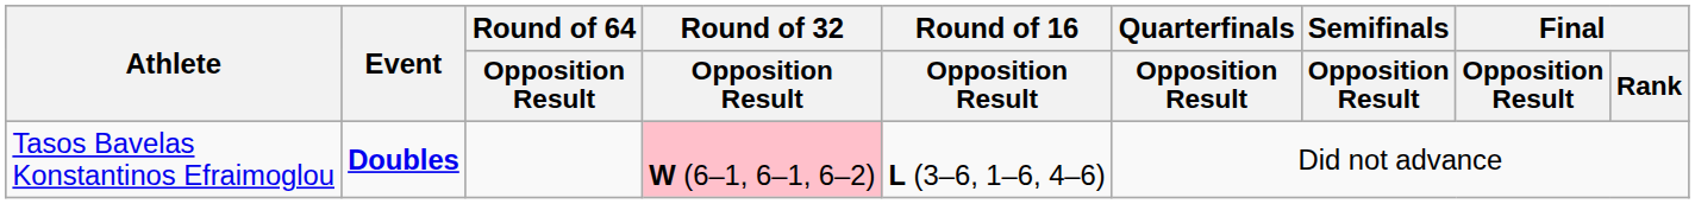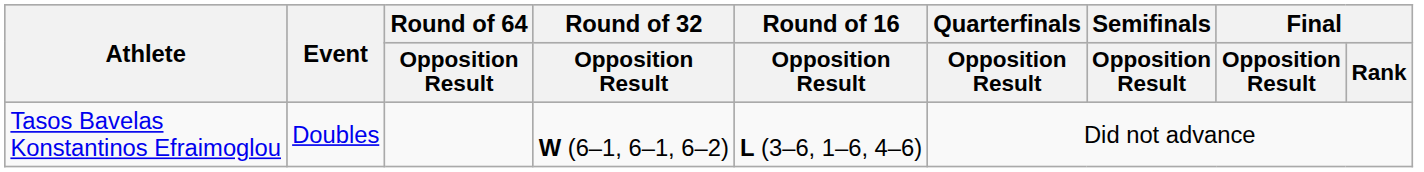 <table class="wikitable" style="font-size:90%">
 <tr>
 <th rowspan="2">Athlete</th>
 <th rowspan="2">Event</th>
 <th>Round of 64</th>
 <th>Round of 32</th>
 <th>Round of 16</th>
 <th>Quarterfinals</th>
 <th>Semifinals</th>
 <th colspan=2>Final</th>
 </tr>
 <tr style="font-size:95%">
 <th>Opposition<br>Result</th>
 <th>Opposition<br>Result</th>
 <th>Opposition<br>Result</th>
 <th>Opposition<br>Result</th>
 <th>Opposition<br>Result</th>
 <th>Opposition<br>Result</th>
 <th>Rank</th>
 </tr>
 <tr align=center>
 <td align=left><a href='#'>Tasos Bavelas</a><br><a href='#'>Konstantinos Efraimoglou</a></td>
-<td align=left><strong><a href='#'>Doubles</a></strong></td>
+<td align=left><a href='#'>Doubles</a></td>
 <td></td>
-<td style="background: pink;"><br><strong>W</strong> (6–1, 6–1, 6–2)</td>
+<td><br><strong>W</strong> (6–1, 6–1, 6–2)</td>
 <td><br><strong>L</strong> (3–6, 1–6, 4–6)</td>
 <td colspan=4>Did not advance</td>
 </tr>
 </table>
